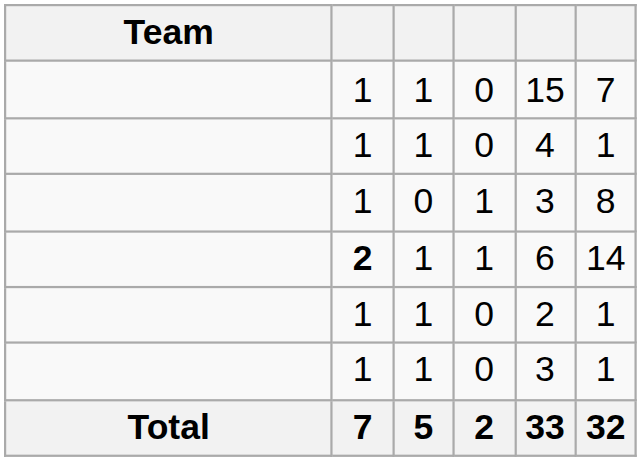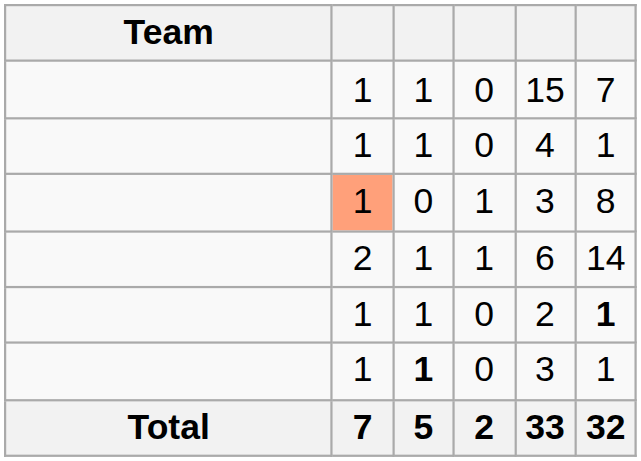 <table class="wikitable">
 <tr>
 <th style="width:140px;">Team<br></th>
 <th width=20><br></th>
 <th width=20><br></th>
 <th width=20><br></th>
 <th width=20><br></th>
 <th width=20><br></th>
 </tr>
 <tr style="text-align:center;">
 <td style="text-align:left;"></td>
 <td>1</td>
 <td>1</td>
 <td>0</td>
 <td>15</td>
 <td>7</td>
 </tr>
 <tr style="text-align:center;">
 <td style="text-align:left;"></td>
 <td>1</td>
 <td>1</td>
 <td>0</td>
 <td>4</td>
 <td>1</td>
 </tr>
 <tr style="text-align:center;">
 <td style="text-align:left;"></td>
-<td>1</td>
+<td style="background: lightsalmon;">1</td>
 <td>0</td>
 <td>1</td>
 <td>3</td>
 <td>8</td>
 </tr>
 <tr style="text-align:center;">
 <td style="text-align:left;"></td>
-<td><strong>2</strong></td>
+<td>2</td>
 <td>1</td>
 <td>1</td>
 <td>6</td>
 <td>14</td>
 </tr>
 <tr style="text-align:center;">
 <td style="text-align:left;"></td>
 <td>1</td>
 <td>1</td>
 <td>0</td>
 <td>2</td>
-<td>1</td>
+<td><strong>1</strong></td>
 </tr>
 <tr style="text-align:center;">
 <td style="text-align:left;"></td>
 <td>1</td>
-<td>1</td>
+<td><strong>1</strong></td>
 <td>0</td>
 <td>3</td>
 <td>1</td>
 </tr>
 <tr class="sortbottom">
 <th>Total</th>
 <th align=center>7</th>
 <th align=center>5</th>
 <th align=center>2</th>
 <th align=center>33</th>
 <th align=center>32</th>
 </tr>
 </table>
